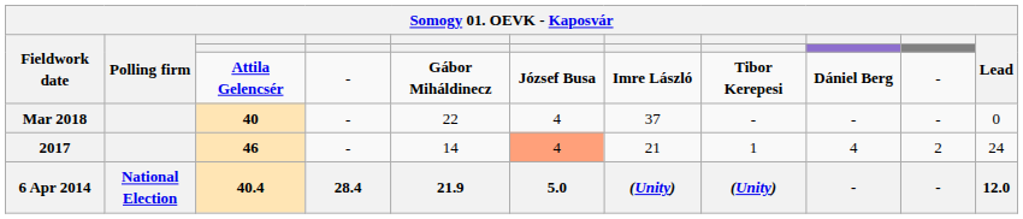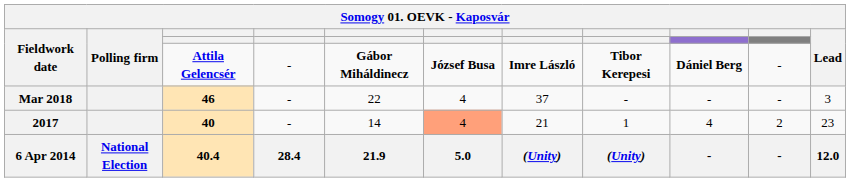 <table class="wikitable mw-collapsible mw-collapsed" style="text-align:center">
 <tr>
 <th colspan="11" style="width: 980pt;"><small><a href='#'>Somogy</a> 01. OEVK - <a href='#'>Kaposvár</a></small></th>
 </tr>
 <tr>
 <th rowspan="3" style="width: 80pt;"><small>Fieldwork</small> <small>date</small></th>
 <th rowspan="3" style="width: 80pt;"><strong><small>Polling</small> <small>firm</small></strong></th>
 <th style="width: 100pt;"><small></small></th>
 <th style="width: 100pt;"><small> </small></th>
 <th style="width: 100pt;"></th>
 <th style="width: 100pt;"></th>
 <th style="width: 100pt;"></th>
 <th style="width: 100pt;"></th>
 <th style="width: 100pt;"></th>
 <th style="width: 100pt;"></th>
 <th rowspan="3" style="width: 20pt;"><small>Lead</small></th>
 </tr>
 <tr>
 <th style="color:inherit;background:"></th>
 <th style="color:inherit;background:"></th>
 <th style="color:inherit;background:"></th>
 <th style="color:inherit;background:"></th>
 <th style="color:inherit;background:"></th>
 <th style="color:inherit;background:"></th>
 <th style="color:inherit;background:#8E6FCE;"></th>
 <th style="color:inherit;background:#808080;"></th>
 </tr>
 <tr>
 <td><a href='#'><strong><small>Attila Gelencsér</small></strong></a></td>
 <td><small>-</small></td>
 <td><strong><small>Gábor Miháldinecz</small></strong></td>
 <td><strong><small>József Busa</small></strong></td>
 <td><strong><small>Imre László</small></strong></td>
 <td><strong><small>Tibor Kerepesi</small></strong></td>
 <td><strong><small>Dániel Berg</small></strong></td>
 <td><small>-</small></td>
 </tr>
 <tr>
 <th><small>Mar 2018</small></th>
 <th><small></small></th>
-<td style="background:#FFE5B4"><strong><small>40</small></strong></td>
+<td style="background:#FFE5B4"><strong><small>46</small></strong></td>
 <td><small>-</small></td>
 <td><small>22</small></td>
 <td><small>4</small></td>
 <td><small>37</small></td>
 <td><small>-</small></td>
 <td><small>-</small></td>
 <td><small>-</small></td>
-<td style="background:"><small>0</small></td>
+<td style="background:"><small>3</small></td>
 </tr>
 <tr>
 <th><small>2017</small></th>
 <th><small></small></th>
-<td style="background:#FFE5B4"><strong><small>46</small></strong></td>
+<td style="background:#FFE5B4"><strong><small>40</small></strong></td>
 <td><small>-</small></td>
 <td><small>14</small></td>
 <td style="background: lightsalmon;"><small>4</small></td>
 <td><small>21</small></td>
 <td><small>1</small></td>
 <td><small>4</small></td>
 <td><small>2</small></td>
-<td style="background:"><small>24</small></td>
+<td style="background:"><small>23</small></td>
 </tr>
 <tr>
 <th><small>6 Apr 2014</small></th>
 <th><a href='#'><small>National Election</small></a></th>
 <th style="background:#FFE5B4"><small>40.4</small></th>
 <th><small>28.4</small></th>
 <th><small>21.9</small></th>
 <th><small>5.0</small></th>
 <th><small><em>(<a href='#'>Unity</a>)</em></small></th>
 <th><small><em>(<a href='#'>Unity</a>)</em></small></th>
 <th><small>-</small></th>
 <th><small>-</small></th>
 <th style="background:"><small>12.0</small></th>
 </tr>
 </table>
